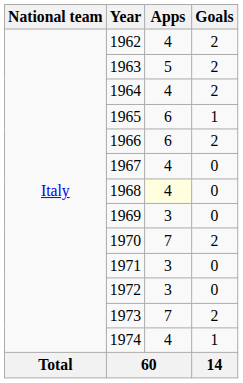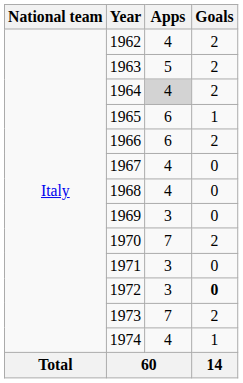 <table class="wikitable" style="text-align:center">
 <tr>
 <th>National team</th>
 <th>Year</th>
 <th width="40">Apps</th>
 <th width="40">Goals</th>
 </tr>
 <tr>
 <td rowspan="13"><a href='#'>Italy</a></td>
 <td>1962</td>
 <td>4</td>
 <td>2</td>
 </tr>
 <tr>
 <td>1963</td>
 <td>5</td>
 <td>2</td>
 </tr>
 <tr>
 <td>1964</td>
-<td>4</td>
+<td style="background: lightgrey;">4</td>
 <td>2</td>
 </tr>
 <tr>
 <td>1965</td>
 <td>6</td>
 <td>1</td>
 </tr>
 <tr>
 <td>1966</td>
 <td>6</td>
 <td>2</td>
 </tr>
 <tr>
 <td>1967</td>
 <td>4</td>
 <td>0</td>
 </tr>
 <tr>
 <td>1968</td>
-<td style="background: lightyellow;">4</td>
+<td>4</td>
 <td>0</td>
 </tr>
 <tr>
 <td>1969</td>
 <td>3</td>
 <td>0</td>
 </tr>
 <tr>
 <td>1970</td>
 <td>7</td>
 <td>2</td>
 </tr>
 <tr>
 <td>1971</td>
 <td>3</td>
 <td>0</td>
 </tr>
 <tr>
 <td>1972</td>
 <td>3</td>
-<td>0</td>
+<td><strong>0</strong></td>
 </tr>
 <tr>
 <td>1973</td>
 <td>7</td>
 <td>2</td>
 </tr>
 <tr>
 <td>1974</td>
 <td>4</td>
 <td>1</td>
 </tr>
 <tr>
 <th>Total</th>
 <th colspan="2">60</th>
 <th>14</th>
 </tr>
 </table>
